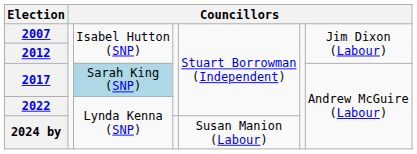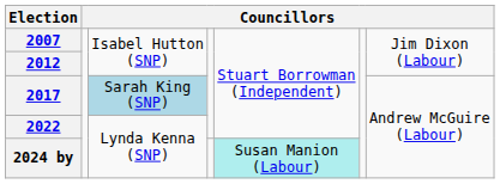 <table class="wikitable" style="text-align:center">
 <tr>
 <th>Election</th>
 <th colspan=8>Councillors</th>
 </tr>
 <tr>
 <th><a href='#'>2007</a></th>
 <td rowspan=5; style="background-color: "></td>
 <td rowspan=2>Isabel Hutton<br>(<a href='#'>SNP</a>)</td>
 <td rowspan=4; style="background-color: "></td>
 <td rowspan=4><a href='#'>Stuart Borrowman</a><br>(<a href='#'>Independent</a>)</td>
 <td rowspan=5; style="background-color: "></td>
 <td rowspan=2>Jim Dixon<br>(<a href='#'>Labour</a>)</td>
 </tr>
 <tr>
 <th><a href='#'>2012</a></th>
 </tr>
 <tr>
 <th><a href='#'>2017</a></th>
 <td rowspan=1 style="background: lightblue;">Sarah King<br>(<a href='#'>SNP</a>)</td>
 <td rowspan=3>Andrew McGuire<br>(<a href='#'>Labour</a>)</td>
 </tr>
 <tr>
 <th><a href='#'>2022</a></th>
 <td rowspan=2>Lynda Kenna<br>(<a href='#'>SNP</a>)</td>
 </tr>
 <tr>
 <th>2024 by</th>
 <td rowspan=1; style="background-color: "></td>
-<td>Susan Manion<br>(<a href='#'>Labour</a>)</td>
+<td style="background: paleturquoise;">Susan Manion<br>(<a href='#'>Labour</a>)</td>
 </tr>
 </table>
